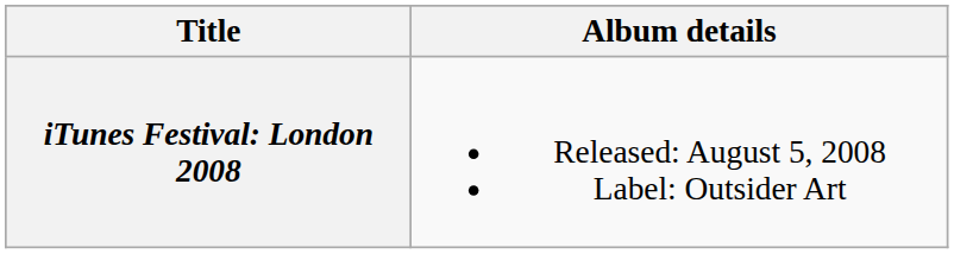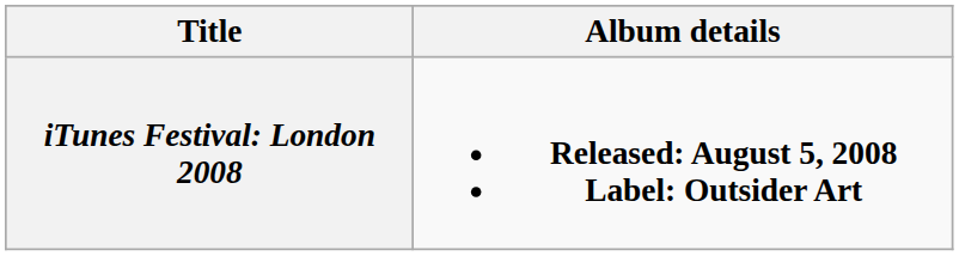 <table class="wikitable plainrowheaders" style="text-align:center;" border="1">
 <tr>
 <th scope="col" style="width:12em;">Title</th>
 <th scope="col" style="width:16em;">Album details</th>
 </tr>
 <tr>
 <th scope="row"><em>iTunes Festival: London 2008</em></th>
-<td><br><ul><li>Released: August 5, 2008</li><li>Label: Outsider Art</li></ul></td>
+<td><strong><br><ul><li>Released: August 5, 2008</li><li>Label: Outsider Art</li></ul></strong></td>
 </tr>
 </table>
